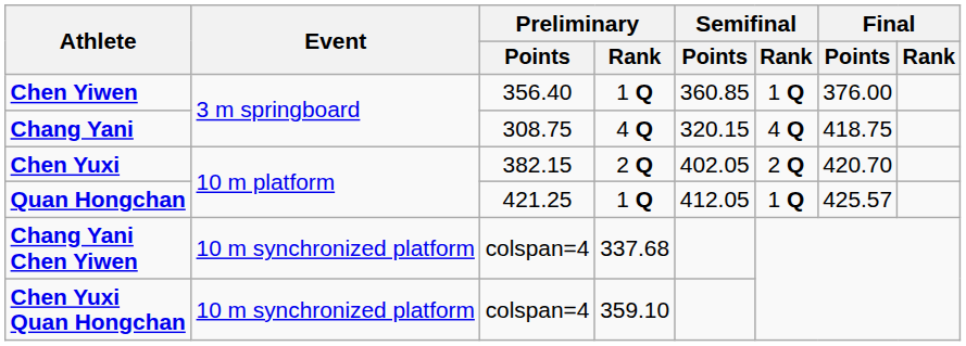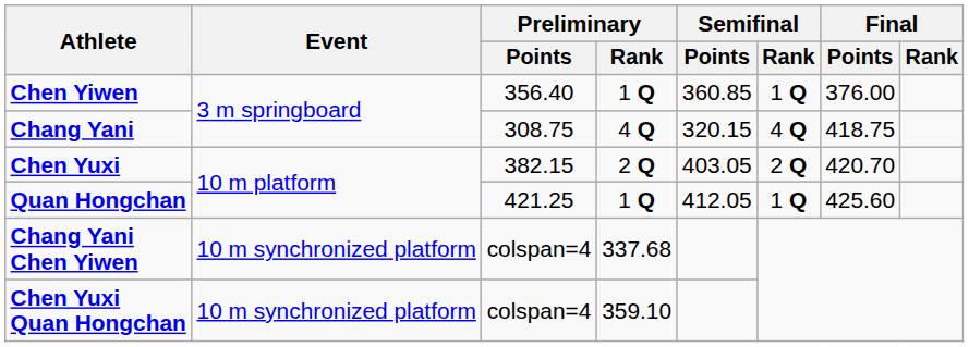 <table class=wikitable style="font-size:90%">
 <tr>
 <th rowspan="2">Athlete</th>
 <th rowspan="2">Event</th>
 <th colspan="2">Preliminary</th>
 <th colspan="2">Semifinal</th>
 <th colspan="2">Final</th>
 </tr>
 <tr style="font-size:95%">
 <th>Points</th>
 <th>Rank</th>
 <th>Points</th>
 <th>Rank</th>
 <th>Points</th>
 <th>Rank</th>
 </tr>
 <tr align=center>
 <td align=left><strong><a href='#'>Chen Yiwen</a></strong></td>
 <td align=left rowspan=2><a href='#'>3 m springboard</a></td>
 <td>356.40</td>
 <td>1 <strong>Q</strong></td>
 <td>360.85</td>
 <td>1 <strong>Q</strong></td>
 <td>376.00</td>
 <td></td>
 </tr>
 <tr align=center>
 <td align=left><strong><a href='#'>Chang Yani</a></strong></td>
 <td>308.75</td>
 <td>4 <strong>Q</strong></td>
 <td>320.15</td>
 <td>4 <strong>Q</strong></td>
 <td>418.75</td>
 <td></td>
 </tr>
 <tr align=center>
 <td align=left><strong><a href='#'>Chen Yuxi</a></strong></td>
 <td align=left rowspan=2><a href='#'>10 m platform</a></td>
 <td>382.15</td>
 <td>2 <strong>Q</strong></td>
-<td>402.05</td>
+<td>403.05</td>
 <td>2 <strong>Q</strong></td>
 <td>420.70</td>
 <td></td>
 </tr>
 <tr align=center>
 <td align=left><strong><a href='#'>Quan Hongchan</a></strong></td>
 <td>421.25</td>
 <td>1 <strong>Q</strong></td>
 <td>412.05</td>
 <td>1 <strong>Q</strong></td>
-<td>425.57</td>
+<td>425.60</td>
 <td></td>
 </tr>
 <tr align=center>
 <td align=left><strong><a href='#'>Chang Yani</a><br><a href='#'>Chen Yiwen</a></strong></td>
 <td align=left><a href='#'>10 m synchronized platform</a></td>
 <td>colspan=4 </td>
 <td>337.68</td>
 <td></td>
 </tr>
 <tr align=center>
 <td align=left><strong><a href='#'>Chen Yuxi</a><br><a href='#'>Quan Hongchan</a></strong></td>
 <td align=left><a href='#'>10 m synchronized platform</a></td>
 <td>colspan=4 </td>
 <td>359.10</td>
 <td></td>
 </tr>
 </table>
